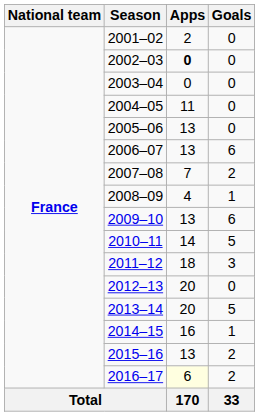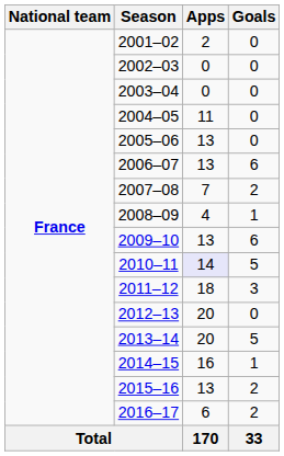 <table class="wikitable" style="text-align:center">
 <tr>
 <th>National team</th>
 <th>Season</th>
 <th>Apps</th>
 <th>Goals</th>
 </tr>
 <tr>
 <td rowspan=16 valign="center"><strong><a href='#'>France</a></strong></td>
 <td>2001–02</td>
 <td>2</td>
 <td>0</td>
 </tr>
 <tr>
 <td>2002–03</td>
-<td><strong>0</strong></td>
+<td>0</td>
 <td>0</td>
 </tr>
 <tr>
 <td>2003–04</td>
 <td>0</td>
 <td>0</td>
 </tr>
 <tr>
 <td>2004–05</td>
 <td>11</td>
 <td>0</td>
 </tr>
 <tr>
 <td>2005–06</td>
 <td>13</td>
 <td>0</td>
 </tr>
 <tr>
 <td>2006–07</td>
 <td>13</td>
 <td>6</td>
 </tr>
 <tr>
 <td>2007–08</td>
 <td>7</td>
 <td>2</td>
 </tr>
 <tr>
 <td>2008–09</td>
 <td>4</td>
 <td>1</td>
 </tr>
 <tr>
 <td><a href='#'>2009–10</a></td>
 <td>13</td>
 <td>6</td>
 </tr>
 <tr>
 <td><a href='#'>2010–11</a></td>
-<td>14</td>
+<td style="background: lavender;">14</td>
 <td>5</td>
 </tr>
 <tr>
 <td><a href='#'>2011–12</a></td>
 <td>18</td>
 <td>3</td>
 </tr>
 <tr>
 <td><a href='#'>2012–13</a></td>
 <td>20</td>
 <td>0</td>
 </tr>
 <tr>
 <td><a href='#'>2013–14</a></td>
 <td>20</td>
 <td>5</td>
 </tr>
 <tr>
 <td><a href='#'>2014–15</a></td>
 <td>16</td>
 <td>1</td>
 </tr>
 <tr>
 <td><a href='#'>2015–16</a></td>
 <td>13</td>
 <td>2</td>
 </tr>
 <tr>
 <td><a href='#'>2016–17</a></td>
-<td style="background: lightyellow;">6</td>
+<td>6</td>
 <td>2</td>
 </tr>
 <tr>
 <th colspan=2>Total</th>
 <th>170</th>
 <th>33</th>
 </tr>
 </table>
